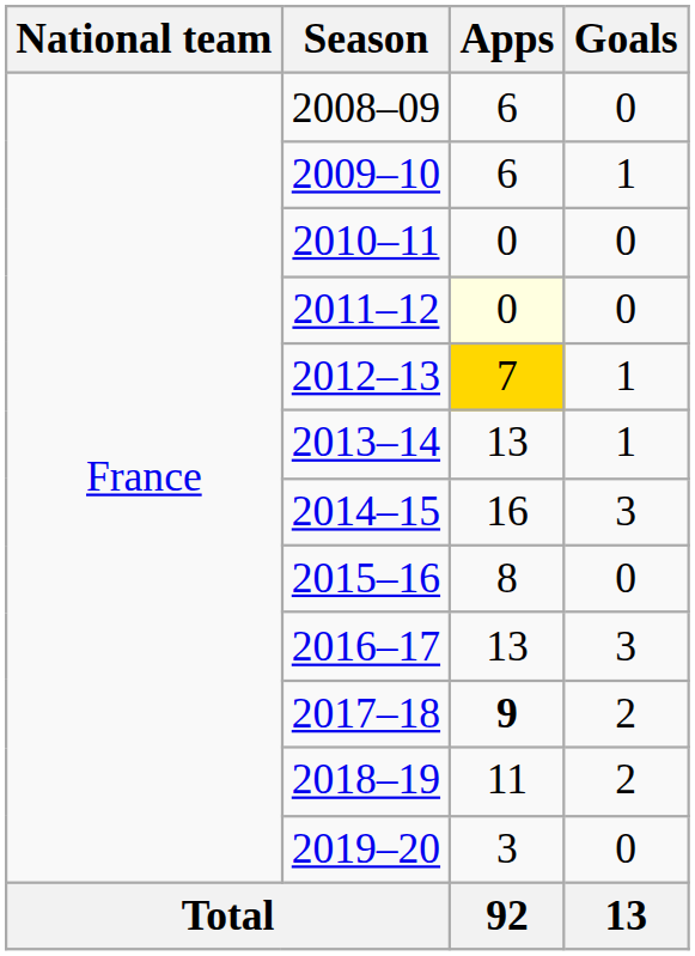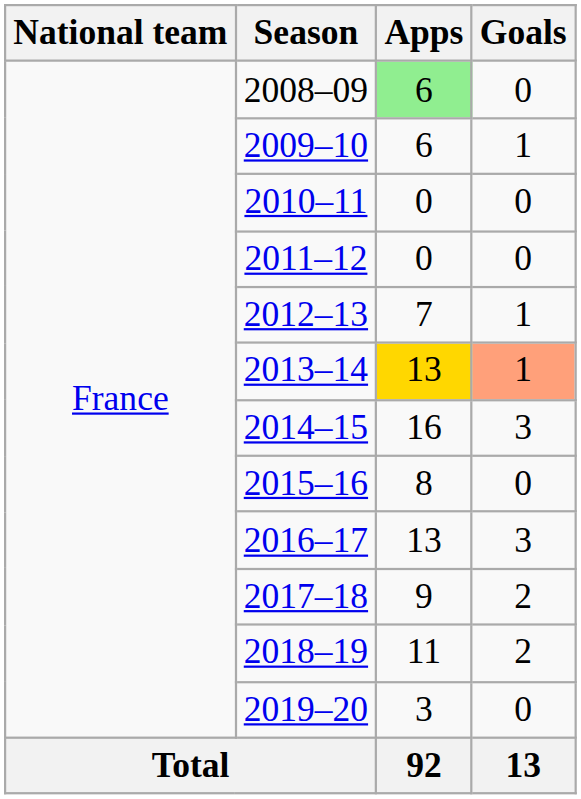 <table class="wikitable" style="text-align:center">
 <tr>
 <th>National team</th>
 <th>Season</th>
 <th>Apps</th>
 <th>Goals</th>
 </tr>
 <tr>
 <td rowspan="12"><a href='#'>France</a></td>
 <td>2008–09</td>
-<td>6</td>
+<td style="background: lightgreen;">6</td>
 <td>0</td>
 </tr>
 <tr>
 <td><a href='#'>2009–10</a></td>
 <td>6</td>
 <td>1</td>
 </tr>
 <tr>
 <td><a href='#'>2010–11</a></td>
 <td>0</td>
 <td>0</td>
 </tr>
 <tr>
 <td><a href='#'>2011–12</a></td>
-<td style="background: lightyellow;">0</td>
+<td>0</td>
 <td>0</td>
 </tr>
 <tr>
 <td><a href='#'>2012–13</a></td>
-<td style="background: gold;">7</td>
+<td>7</td>
 <td>1</td>
 </tr>
 <tr>
 <td><a href='#'>2013–14</a></td>
-<td>13</td>
-<td>1</td>
+<td style="background: gold;">13</td>
+<td style="background: lightsalmon;">1</td>
 </tr>
 <tr>
 <td><a href='#'>2014–15</a></td>
 <td>16</td>
 <td>3</td>
 </tr>
 <tr>
 <td><a href='#'>2015–16</a></td>
 <td>8</td>
 <td>0</td>
 </tr>
 <tr>
 <td><a href='#'>2016–17</a></td>
 <td>13</td>
 <td>3</td>
 </tr>
 <tr>
 <td><a href='#'>2017–18</a></td>
-<td><strong>9</strong></td>
+<td>9</td>
 <td>2</td>
 </tr>
 <tr>
 <td><a href='#'>2018–19</a></td>
 <td>11</td>
 <td>2</td>
 </tr>
 <tr>
 <td><a href='#'>2019–20</a></td>
 <td>3</td>
 <td>0</td>
 </tr>
 <tr>
 <th colspan="2">Total</th>
 <th>92</th>
 <th>13</th>
 </tr>
 </table>
